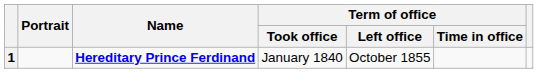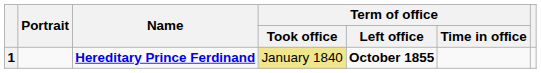 <table class="wikitable" style="text-align:center">
 <tr>
 <th rowspan=2></th>
 <th rowspan=2>Portrait</th>
 <th rowspan=2>Name<br></th>
 <th colspan=3>Term of office</th>
 <th rowspan=2></th>
 </tr>
 <tr>
 <th>Took office</th>
 <th>Left office</th>
 <th>Time in office</th>
 </tr>
 <tr>
 <th>1</th>
 <td></td>
 <td><strong><a href='#'>Hereditary Prince Ferdinand</a></strong><br></td>
-<td>January 1840</td>
-<td>October 1855</td>
+<td style="background: khaki;">January 1840</td>
+<td><strong>October 1855</strong></td>
 <td></td>
 <td></td>
 </tr>
 </table>
